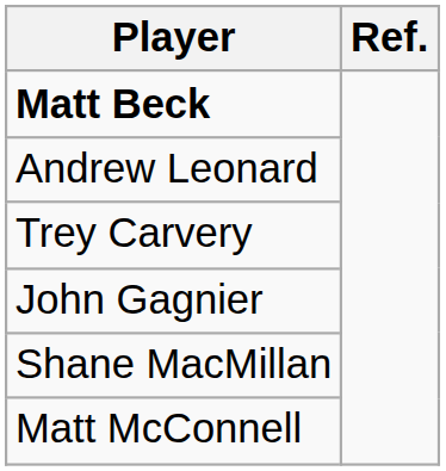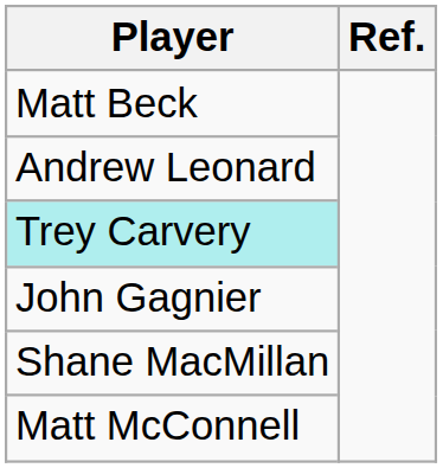 <table class="wikitable">
 <tr>
 <th>Player</th>
 <th>Ref.</th>
 </tr>
 <tr>
-<td><strong>Matt Beck</strong></td>
+<td>Matt Beck</td>
 <td rowspan="6"></td>
 </tr>
 <tr>
 <td>Andrew Leonard</td>
 </tr>
 <tr>
-<td>Trey Carvery</td>
+<td style="background: paleturquoise;">Trey Carvery</td>
 </tr>
 <tr>
 <td>John Gagnier</td>
 </tr>
 <tr>
 <td>Shane MacMillan</td>
 </tr>
 <tr>
 <td>Matt McConnell</td>
 </tr>
 </table>
